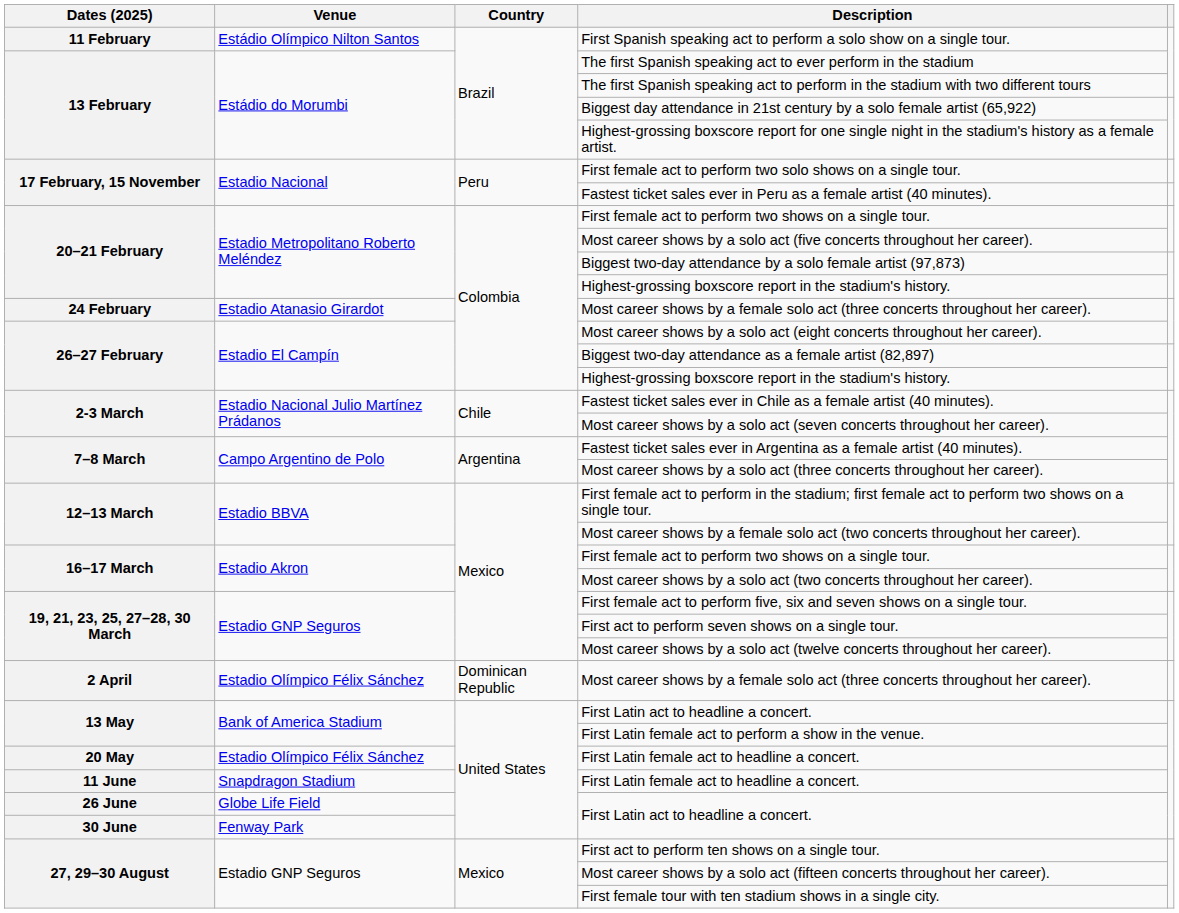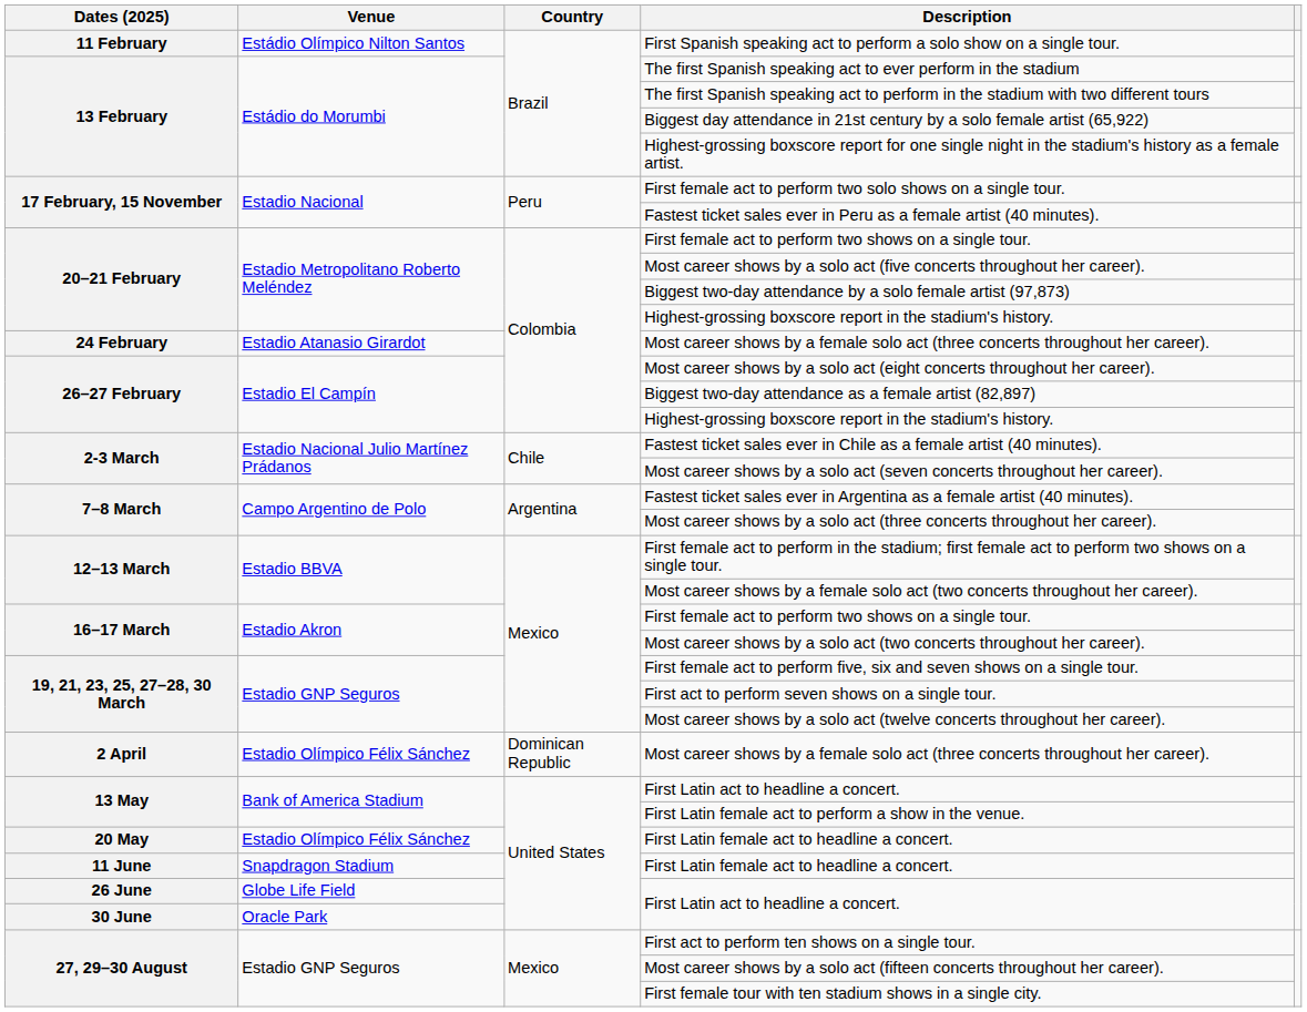 <table class="wikitable sortable plainrowheaders">
 <tr>
 <th scope="col" style="width:14em;">Dates (2025)</th>
 <th scope="col" style="width:16em;">Venue</th>
 <th scope="col" style="width:8em;">Country</th>
 <th scope="col" style="width:40em;">Description</th>
 <th scope="col" class="unsortable"></th>
 </tr>
 <tr>
 <th scope="row" style="text-align:center;">11 February</th>
 <td><a href='#'>Estádio Olímpico Nilton Santos</a></td>
 <td rowspan="5">Brazil</td>
 <td>First Spanish speaking act to perform a solo show on a single tour.</td>
 <td style="text-align:center;" rowspan="3"></td>
 </tr>
 <tr>
 <th rowspan="4" scope="rowgroup" style="text-align:center;">13 February</th>
 <td rowspan="4"><a href='#'>Estádio do Morumbi</a></td>
 <td>The first Spanish speaking act to ever perform in the stadium</td>
 </tr>
 <tr>
 <td>The first Spanish speaking act to perform in the stadium with two different tours</td>
 </tr>
 <tr>
 <td>Biggest day attendance in 21st century by a solo female artist  (65,922)</td>
 <td rowspan="2" style="text-align:center"></td>
 </tr>
 <tr>
 <td>Highest-grossing boxscore report for one single night in the stadium's history as a female artist.</td>
 </tr>
 <tr>
 <th rowspan="2" scope="rowgroup" style="text-align:center;">17 February, 15 November</th>
 <td rowspan="2"><a href='#'>Estadio Nacional</a></td>
 <td rowspan="2">Peru</td>
 <td>First female act to perform two solo shows on a single tour.</td>
 <td style="text-align:center;"></td>
 </tr>
 <tr>
 <td>Fastest ticket sales ever in Peru as a female artist (40 minutes).</td>
 <td style="text-align:center;"></td>
 </tr>
 <tr>
 <th rowspan="4" scope="rowgroup" style="text-align:center;">20–21 February</th>
 <td rowspan="4"><a href='#'>Estadio Metropolitano Roberto Meléndez</a></td>
 <td rowspan="8">Colombia</td>
 <td>First female act to perform two shows on a single tour.</td>
 <td style="text-align:center;" rowspan="2"></td>
 </tr>
 <tr>
 <td>Most career shows by a solo act (five concerts throughout her career).</td>
 </tr>
 <tr>
 <td>Biggest two-day attendance by a solo female artist  (97,873)</td>
 <td rowspan="2" style="text-align:center"></td>
 </tr>
 <tr>
 <td>Highest-grossing boxscore report in the stadium's history.</td>
 </tr>
 <tr>
 <th scope="row" style="text-align:center;">24 February</th>
 <td><a href='#'>Estadio Atanasio Girardot</a></td>
 <td>Most career shows by a female solo act (three concerts throughout her career).</td>
 <td style="text-align:center;" rowspan="2"></td>
 </tr>
 <tr>
 <th scope="row" style="text-align:center;"rowspan="3">26–27 February</th>
 <td rowspan="3"><a href='#'>Estadio El Campín</a></td>
 <td>Most career shows by a solo act (eight concerts throughout her career).</td>
 </tr>
 <tr>
 <td>Biggest two-day attendance as a female artist  (82,897)</td>
 <td rowspan="2" style="text-align:center"></td>
 </tr>
 <tr>
 <td>Highest-grossing boxscore report in the stadium's history.</td>
 </tr>
 <tr>
 <th rowspan="2" scope="rowgroup" style="text-align:center;">2-3 March</th>
 <td rowspan="2"><a href='#'>Estadio Nacional Julio Martínez Prádanos</a></td>
 <td rowspan="2">Chile</td>
 <td>Fastest ticket sales ever in Chile as a female artist (40 minutes).</td>
 <td style="text-align:center;" rowspan="4"></td>
 </tr>
 <tr>
 <td>Most career shows by a solo act (seven concerts throughout her career).</td>
 </tr>
 <tr>
 <th rowspan="2" scope="rowgroup" style="text-align:center;">7–8 March</th>
 <td rowspan="2"><a href='#'>Campo Argentino de Polo</a></td>
 <td rowspan="2">Argentina</td>
 <td>Fastest ticket sales ever in Argentina as a female artist (40 minutes).</td>
 </tr>
 <tr>
 <td>Most career shows by a solo act (three concerts throughout her career).</td>
 </tr>
 <tr>
 <th rowspan="2" scope="rowgroup" style="text-align:center;">12–13 March</th>
 <td rowspan="2"><a href='#'>Estadio BBVA</a></td>
 <td rowspan="7">Mexico</td>
 <td>First female act to perform in the stadium; first female act to perform two shows on a single tour.</td>
 <td style="text-align:center;" rowspan="2"></td>
 </tr>
 <tr>
 <td>Most career shows by a female solo act (two concerts throughout her career).</td>
 </tr>
 <tr>
 <th rowspan="2" scope="rowgroup" style="text-align:center;">16–17 March</th>
 <td rowspan="2"><a href='#'>Estadio Akron</a></td>
 <td>First female act to perform two shows on a single tour.</td>
 <td style="text-align:center;" rowspan="2"></td>
 </tr>
 <tr>
 <td>Most career shows by a solo act (two concerts throughout her career).</td>
 </tr>
 <tr>
 <th rowspan="3" scope="rowgroup" style="text-align:center;">19, 21, 23, 25, 27–28, 30 March</th>
 <td rowspan="3"><a href='#'>Estadio GNP Seguros</a></td>
 <td>First female act to perform five, six and seven shows on a single tour.</td>
 <td style="text-align:center;" rowspan="3"><br><br></td>
 </tr>
 <tr>
 <td>First act to perform seven shows on a single tour.</td>
 </tr>
 <tr>
 <td>Most career shows by a solo act (twelve concerts throughout her career).</td>
 </tr>
 <tr>
 <th scope="rowgroup" style="text-align:center;">2 April</th>
 <td><a href='#'>Estadio Olímpico Félix Sánchez</a></td>
 <td>Dominican Republic</td>
 <td>Most career shows by a female solo act (three concerts throughout her career).</td>
 <td style="text-align:center;"></td>
 </tr>
 <tr>
 <th rowspan="2" scope="rowgroup" style="text-align:center;">13 May</th>
 <td rowspan="2"><a href='#'>Bank of America Stadium</a></td>
 <td rowspan="6">United States</td>
 <td>First Latin act to headline a concert.</td>
 <td rowspan="6" style="text-align:center;"></td>
 </tr>
 <tr>
 <td>First Latin female act to perform a show in the venue.</td>
 </tr>
 <tr>
 <th scope="row" style="text-align:center;">20 May</th>
 <td><a href='#'>Estadio Olímpico Félix Sánchez</a></td>
 <td>First Latin female act to headline a concert.</td>
 </tr>
 <tr>
 <th scope="row" style="text-align:center;">11 June</th>
 <td><a href='#'>Snapdragon Stadium</a></td>
 <td>First Latin female act to headline a concert.</td>
 </tr>
 <tr>
 <th scope="row" style="text-align:center;">26 June</th>
 <td><a href='#'>Globe Life Field</a></td>
 <td rowspan="2">First Latin act to headline a concert.</td>
 </tr>
 <tr>
 <th scope="row" style="text-align:center;">30 June</th>
-<td><a href='#'>Fenway Park</a></td>
+<td><a href='#'>Oracle Park</a></td>
 </tr>
 <tr>
 <th rowspan="3" scope="rowgroup" style="text-align:center;">27, 29–30 August</th>
 <td rowspan="3">Estadio GNP Seguros</td>
 <td rowspan="3">Mexico</td>
 <td>First act to perform ten shows on a single tour.</td>
 <td style="text-align:center;" rowspan="3"></td>
 </tr>
 <tr>
 <td>Most career shows by a solo act (fifteen concerts throughout her career).</td>
 </tr>
 <tr>
 <td>First female tour with ten stadium shows in a single city.</td>
 </tr>
 </table>
